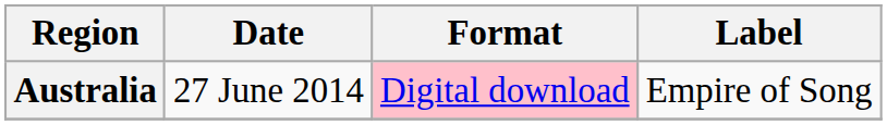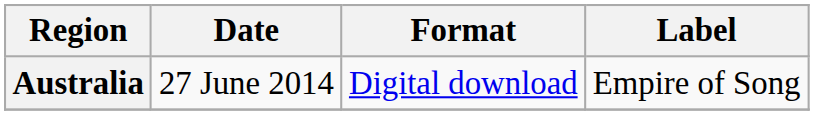 <table class="wikitable plainrowheaders">
 <tr>
 <th scope="col">Region</th>
 <th scope="col">Date</th>
 <th scope="col">Format</th>
 <th scope="col">Label</th>
 </tr>
 <tr>
 <th scope="row">Australia</th>
 <td>27 June 2014</td>
-<td style="background: pink;"><a href='#'>Digital download</a></td>
+<td><a href='#'>Digital download</a></td>
 <td>Empire of Song</td>
 </tr>
 <tr>
 </tr>
 </table>
